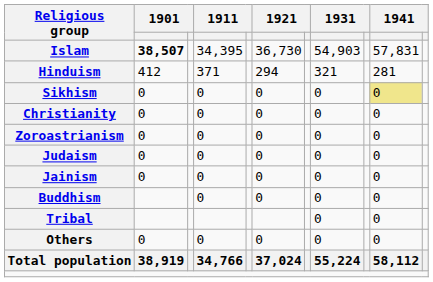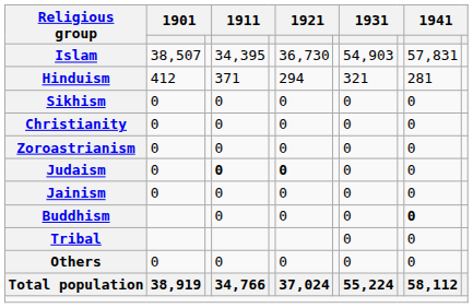 <table class="wikitable sortable">
 <tr>
 <th rowspan="2"><a href='#'>Religious</a><br>group</th>
 <th colspan="2">1901</th>
 <th colspan="2">1911</th>
 <th colspan="2">1921</th>
 <th colspan="2">1931</th>
 <th colspan="2">1941</th>
 </tr>
 <tr>
 <th><a href='#'></a></th>
 <th></th>
 <th></th>
 <th></th>
 <th></th>
 <th></th>
 <th></th>
 <th></th>
 <th></th>
 <th></th>
 </tr>
 <tr>
 <th><a href='#'>Islam</a> </th>
-<td><strong>38,507</strong></td>
+<td>38,507</td>
 <td></td>
 <td>34,395</td>
 <td></td>
 <td>36,730</td>
 <td></td>
 <td>54,903</td>
 <td></td>
 <td>57,831</td>
 <td></td>
 </tr>
 <tr>
 <th><a href='#'>Hinduism</a> </th>
 <td>412</td>
 <td></td>
 <td>371</td>
 <td></td>
 <td>294</td>
 <td></td>
 <td>321</td>
 <td></td>
 <td>281</td>
 <td></td>
 </tr>
 <tr>
 <th><a href='#'>Sikhism</a> </th>
 <td>0</td>
 <td></td>
 <td>0</td>
 <td></td>
 <td>0</td>
 <td></td>
 <td>0</td>
 <td></td>
-<td style="background: khaki;">0</td>
+<td>0</td>
 <td></td>
 </tr>
 <tr>
 <th><a href='#'>Christianity</a> </th>
 <td>0</td>
 <td></td>
 <td>0</td>
 <td></td>
 <td>0</td>
 <td></td>
 <td>0</td>
 <td></td>
 <td>0</td>
 <td></td>
 </tr>
 <tr>
 <th><a href='#'>Zoroastrianism</a> </th>
 <td>0</td>
 <td></td>
 <td>0</td>
 <td></td>
 <td>0</td>
 <td></td>
 <td>0</td>
 <td></td>
 <td>0</td>
 <td></td>
 </tr>
 <tr>
 <th><a href='#'>Judaism</a> </th>
 <td>0</td>
 <td></td>
-<td>0</td>
+<td><strong>0</strong></td>
 <td></td>
-<td>0</td>
+<td><strong>0</strong></td>
 <td></td>
 <td>0</td>
 <td></td>
 <td>0</td>
 <td></td>
 </tr>
 <tr>
 <th><a href='#'>Jainism</a> </th>
 <td>0</td>
 <td></td>
 <td>0</td>
 <td></td>
 <td>0</td>
 <td></td>
 <td>0</td>
 <td></td>
 <td>0</td>
 <td></td>
 </tr>
 <tr>
 <th><a href='#'>Buddhism</a> </th>
 <td></td>
 <td></td>
 <td>0</td>
 <td></td>
 <td>0</td>
 <td></td>
 <td>0</td>
 <td></td>
-<td>0</td>
+<td><strong>0</strong></td>
 <td></td>
 </tr>
 <tr>
 <th><a href='#'>Tribal</a></th>
 <td></td>
 <td></td>
 <td></td>
 <td></td>
 <td></td>
 <td></td>
 <td>0</td>
 <td></td>
 <td>0</td>
 <td></td>
 </tr>
 <tr>
 <th>Others</th>
 <td>0</td>
 <td></td>
 <td>0</td>
 <td></td>
 <td>0</td>
 <td></td>
 <td>0</td>
 <td></td>
 <td>0</td>
 <td></td>
 </tr>
 <tr>
 <th>Total population</th>
 <th>38,919</th>
 <th></th>
 <th>34,766</th>
 <th></th>
 <th>37,024</th>
 <th></th>
 <th>55,224</th>
 <th></th>
 <th>58,112</th>
 <th></th>
 </tr>
 <tr class="sortbottom">
 <td colspan="15"></td>
 </tr>
 </table>
